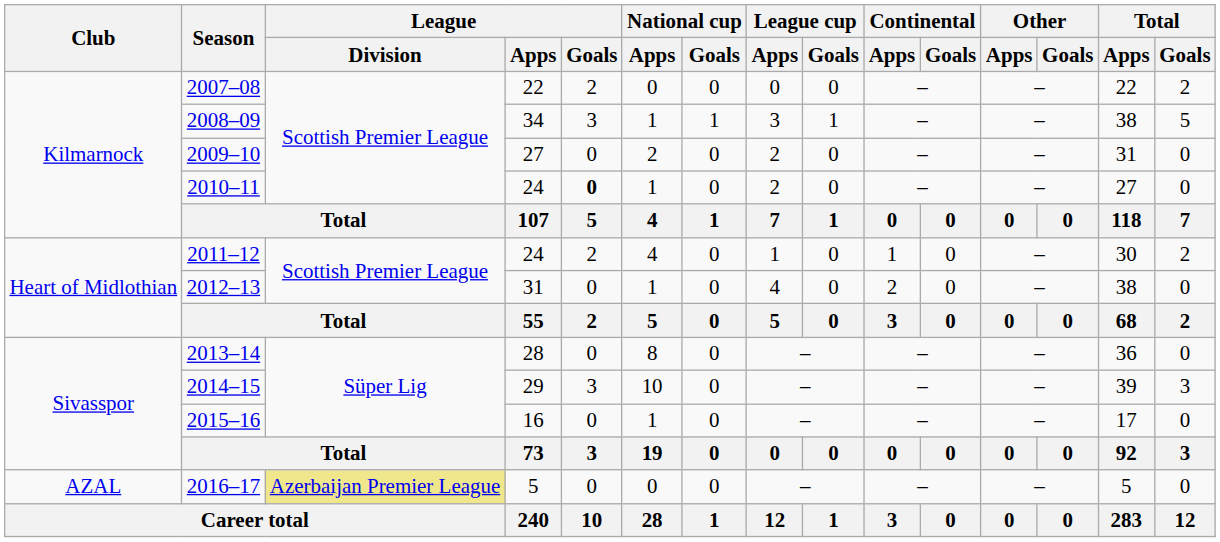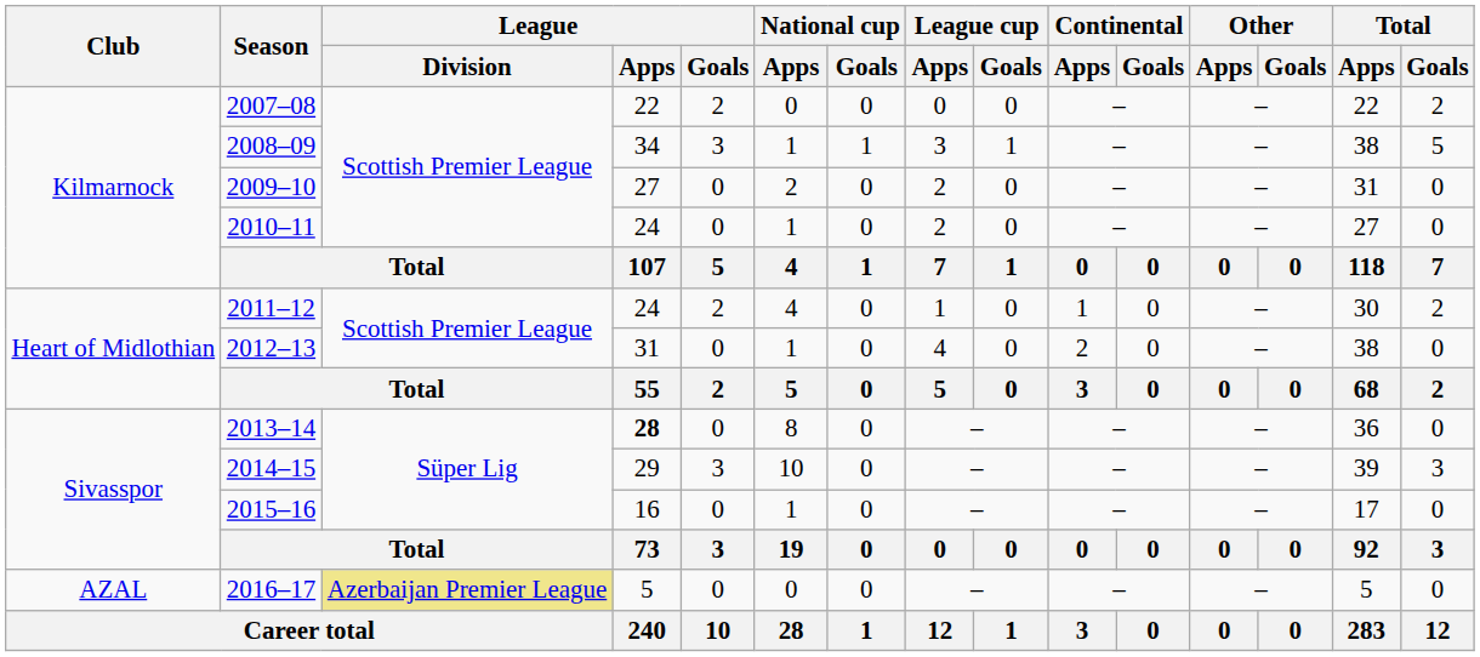 <table class="wikitable" style="text-align: center;">
 <tr>
 <th rowspan="2">Club</th>
 <th rowspan="2">Season</th>
 <th colspan="3">League</th>
 <th colspan="2">National cup</th>
 <th colspan="2">League cup</th>
 <th colspan="2">Continental</th>
 <th colspan="2">Other</th>
 <th colspan="2">Total</th>
 </tr>
 <tr>
 <th>Division</th>
 <th>Apps</th>
 <th>Goals</th>
 <th>Apps</th>
 <th>Goals</th>
 <th>Apps</th>
 <th>Goals</th>
 <th>Apps</th>
 <th>Goals</th>
 <th>Apps</th>
 <th>Goals</th>
 <th>Apps</th>
 <th>Goals</th>
 </tr>
 <tr>
 <td rowspan="5"><a href='#'>Kilmarnock</a></td>
 <td><a href='#'>2007–08</a></td>
 <td rowspan="4"><a href='#'>Scottish Premier League</a></td>
 <td>22</td>
 <td>2</td>
 <td>0</td>
 <td>0</td>
 <td>0</td>
 <td>0</td>
 <td colspan="2">–</td>
 <td colspan="2">–</td>
 <td>22</td>
 <td>2</td>
 </tr>
 <tr>
 <td><a href='#'>2008–09</a></td>
 <td>34</td>
 <td>3</td>
 <td>1</td>
 <td>1</td>
 <td>3</td>
 <td>1</td>
 <td colspan="2">–</td>
 <td colspan="2">–</td>
 <td>38</td>
 <td>5</td>
 </tr>
 <tr>
 <td><a href='#'>2009–10</a></td>
 <td>27</td>
 <td>0</td>
 <td>2</td>
 <td>0</td>
 <td>2</td>
 <td>0</td>
 <td colspan="2">–</td>
 <td colspan="2">–</td>
 <td>31</td>
 <td>0</td>
 </tr>
 <tr>
 <td><a href='#'>2010–11</a></td>
 <td>24</td>
-<td><strong>0</strong></td>
+<td>0</td>
 <td>1</td>
 <td>0</td>
 <td>2</td>
 <td>0</td>
 <td colspan="2">–</td>
 <td colspan="2">–</td>
 <td>27</td>
 <td>0</td>
 </tr>
 <tr>
 <th colspan="2">Total</th>
 <th>107</th>
 <th>5</th>
 <th>4</th>
 <th>1</th>
 <th>7</th>
 <th>1</th>
 <th>0</th>
 <th>0</th>
 <th>0</th>
 <th>0</th>
 <th>118</th>
 <th>7</th>
 </tr>
 <tr>
 <td rowspan="3"><a href='#'>Heart of Midlothian</a></td>
 <td><a href='#'>2011–12</a></td>
 <td rowspan="2"><a href='#'>Scottish Premier League</a></td>
 <td>24</td>
 <td>2</td>
 <td>4</td>
 <td>0</td>
 <td>1</td>
 <td>0</td>
 <td>1</td>
 <td>0</td>
 <td colspan="2">–</td>
 <td>30</td>
 <td>2</td>
 </tr>
 <tr>
 <td><a href='#'>2012–13</a></td>
 <td>31</td>
 <td>0</td>
 <td>1</td>
 <td>0</td>
 <td>4</td>
 <td>0</td>
 <td>2</td>
 <td>0</td>
 <td colspan="2">–</td>
 <td>38</td>
 <td>0</td>
 </tr>
 <tr>
 <th colspan="2">Total</th>
 <th>55</th>
 <th>2</th>
 <th>5</th>
 <th>0</th>
 <th>5</th>
 <th>0</th>
 <th>3</th>
 <th>0</th>
 <th>0</th>
 <th>0</th>
 <th>68</th>
 <th>2</th>
 </tr>
 <tr>
 <td rowspan="4"><a href='#'>Sivasspor</a></td>
 <td><a href='#'>2013–14</a></td>
 <td rowspan="3"><a href='#'>Süper Lig</a></td>
-<td>28</td>
+<td><strong>28</strong></td>
 <td>0</td>
 <td>8</td>
 <td>0</td>
 <td colspan="2">–</td>
 <td colspan="2">–</td>
 <td colspan="2">–</td>
 <td>36</td>
 <td>0</td>
 </tr>
 <tr>
 <td><a href='#'>2014–15</a></td>
 <td>29</td>
 <td>3</td>
 <td>10</td>
 <td>0</td>
 <td colspan="2">–</td>
 <td colspan="2">–</td>
 <td colspan="2">–</td>
 <td>39</td>
 <td>3</td>
 </tr>
 <tr>
 <td><a href='#'>2015–16</a></td>
 <td>16</td>
 <td>0</td>
 <td>1</td>
 <td>0</td>
 <td colspan="2">–</td>
 <td colspan="2">–</td>
 <td colspan="2">–</td>
 <td>17</td>
 <td>0</td>
 </tr>
 <tr>
 <th colspan="2">Total</th>
 <th>73</th>
 <th>3</th>
 <th>19</th>
 <th>0</th>
 <th>0</th>
 <th>0</th>
 <th>0</th>
 <th>0</th>
 <th>0</th>
 <th>0</th>
 <th>92</th>
 <th>3</th>
 </tr>
 <tr>
 <td><a href='#'>AZAL</a></td>
 <td><a href='#'>2016–17</a></td>
 <td style="background: khaki;"><a href='#'>Azerbaijan Premier League</a></td>
 <td>5</td>
 <td>0</td>
 <td>0</td>
 <td>0</td>
 <td colspan="2">–</td>
 <td colspan="2">–</td>
 <td colspan="2">–</td>
 <td>5</td>
 <td>0</td>
 </tr>
 <tr>
 <th colspan="3">Career total</th>
 <th>240</th>
 <th>10</th>
 <th>28</th>
 <th>1</th>
 <th>12</th>
 <th>1</th>
 <th>3</th>
 <th>0</th>
 <th>0</th>
 <th>0</th>
 <th>283</th>
 <th>12</th>
 </tr>
 </table>
